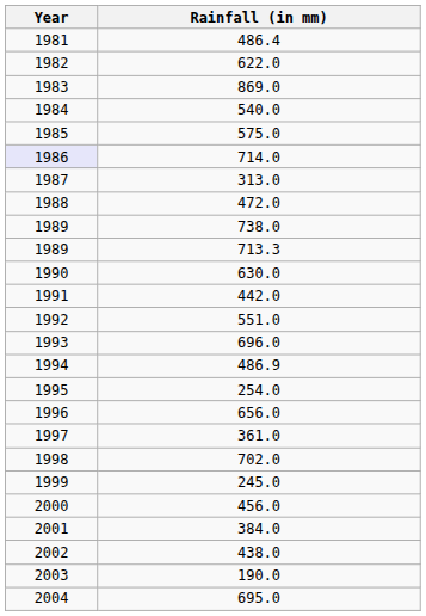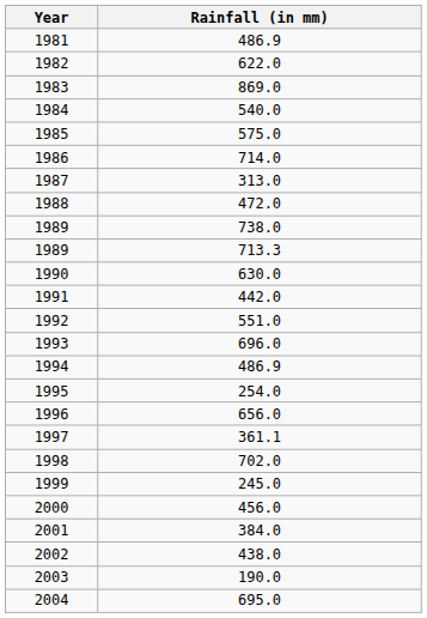 <table class="wikitable sortable" style="text-align:center" width=30%>
 <tr>
 <th>Year</th>
 <th>Rainfall (in mm)</th>
 </tr>
 <tr>
 <td>1981</td>
-<td>486.4</td>
+<td>486.9</td>
 </tr>
 <tr>
 <td>1982</td>
 <td>622.0</td>
 </tr>
 <tr>
 <td>1983</td>
 <td>869.0</td>
 </tr>
 <tr>
 <td>1984</td>
 <td>540.0</td>
 </tr>
 <tr>
 <td>1985</td>
 <td>575.0</td>
 </tr>
 <tr>
-<td style="background: lavender;">1986</td>
+<td>1986</td>
 <td>714.0</td>
 </tr>
 <tr>
 <td>1987</td>
 <td>313.0</td>
 </tr>
 <tr>
 <td>1988</td>
 <td>472.0</td>
 </tr>
 <tr>
 <td>1989</td>
 <td>738.0</td>
 </tr>
 <tr>
 <td>1989</td>
 <td>713.3</td>
 </tr>
 <tr>
 <td>1990</td>
 <td>630.0</td>
 </tr>
 <tr>
 <td>1991</td>
 <td>442.0</td>
 </tr>
 <tr>
 <td>1992</td>
 <td>551.0</td>
 </tr>
 <tr>
 <td>1993</td>
 <td>696.0</td>
 </tr>
 <tr>
 <td>1994</td>
 <td>486.9</td>
 </tr>
 <tr>
 <td>1995</td>
 <td>254.0</td>
 </tr>
 <tr>
 <td>1996</td>
 <td>656.0</td>
 </tr>
 <tr>
 <td>1997</td>
-<td>361.0</td>
+<td>361.1</td>
 </tr>
 <tr>
 <td>1998</td>
 <td>702.0</td>
 </tr>
 <tr>
 <td>1999</td>
 <td>245.0</td>
 </tr>
 <tr>
 <td>2000</td>
 <td>456.0</td>
 </tr>
 <tr>
 <td>2001</td>
 <td>384.0</td>
 </tr>
 <tr>
 <td>2002</td>
 <td>438.0</td>
 </tr>
 <tr>
 <td>2003</td>
 <td>190.0</td>
 </tr>
 <tr>
 <td>2004</td>
 <td>695.0</td>
 </tr>
 </table>
